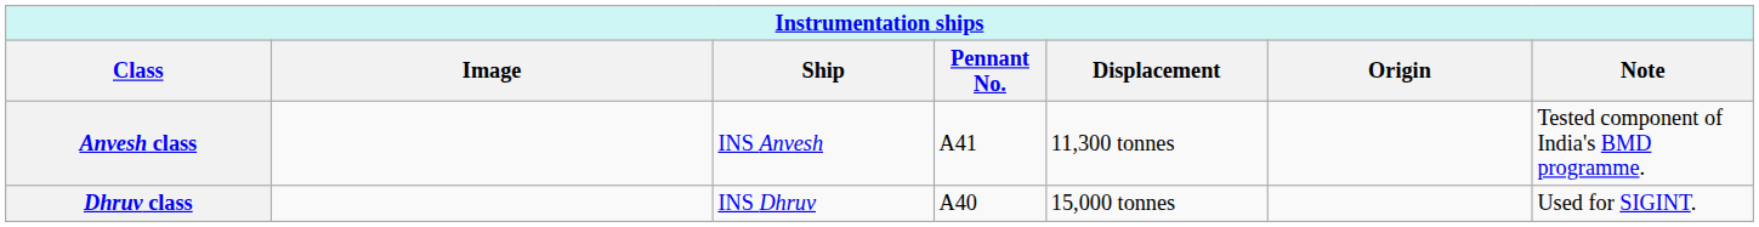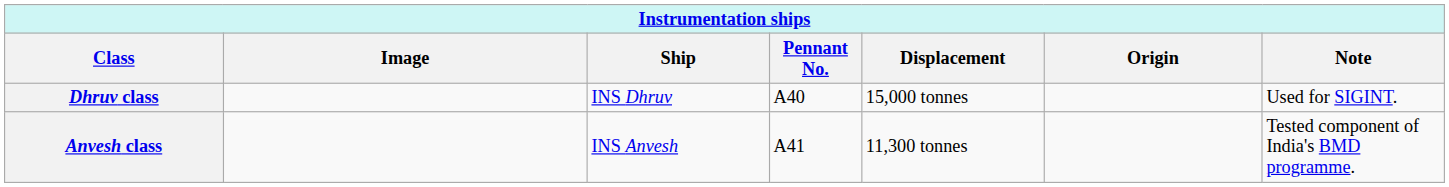 <table class="wikitable" style="margin:auto; width:100%;">
 <tr>
 <th colspan="7" style="align: center; background: #CEF6F5;"><a href='#'>Instrumentation ships</a></th>
 </tr>
 <tr>
 <th style="text-align:center; width:12%;"><a href='#'>Class</a></th>
 <th style="text-align:center; width:20%;">Image</th>
 <th style="text-align:center; width:10%;">Ship</th>
 <th style="text-align:center; width:5%;"><a href='#'>Pennant No.</a></th>
 <th style="text-align:center; width:10%;">Displacement</th>
 <th style="text-align:center; width:12%;">Origin</th>
 <th style="text-align:center; width:10%;">Note</th>
 </tr>
 <tr>
+<th rowspan="1"><a href='#'><em>Dhruv</em> class</a></th>
+<td rowspan="1"></td>
+<td><a href='#'>INS <em>Dhruv</em></a></td>
+<td>A40</td>
+<td rowspan="1">15,000 tonnes</td>
+<td rowspan="1"></td>
+<td rowspan="1">Used for <a href='#'>SIGINT</a>.</td>
+</tr>
+<tr>
 <th rowspan="1"><a href='#'><em>Anvesh</em> class</a></th>
 <td rowspan="1"></td>
 <td><a href='#'>INS <em>Anvesh</em></a></td>
 <td>A41</td>
 <td rowspan="1">11,300 tonnes</td>
 <td rowspan="1"></td>
 <td rowspan="1">Tested component of India's <a href='#'>BMD programme</a>.</td>
 </tr>
-<tr>
-<th rowspan="1"><a href='#'><em>Dhruv</em> class</a></th>
-<td rowspan="1"></td>
-<td><a href='#'>INS <em>Dhruv</em></a></td>
-<td>A40</td>
-<td rowspan="1">15,000 tonnes</td>
-<td rowspan="1"></td>
-<td rowspan="1">Used for <a href='#'>SIGINT</a>.</td>
-</tr>
 </table>
